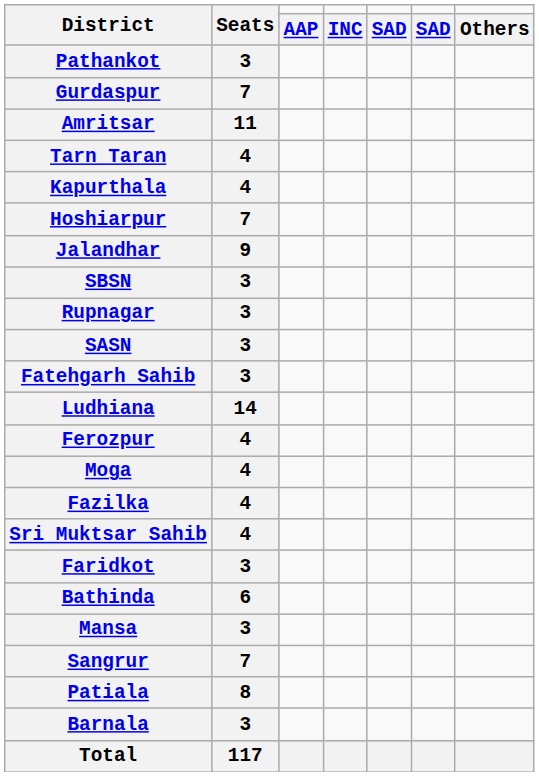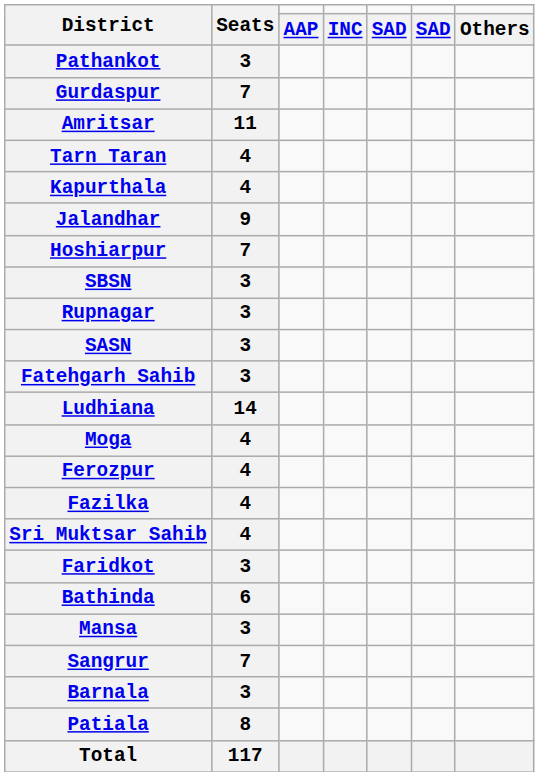 <table class="wikitable" style="text-align:center;">
 <tr>
 <th rowspan="2">District</th>
 <th rowspan="2">Seats</th>
 <td style="color:inherit;background:"></td>
 <td style="color:inherit;background:"></td>
 <td style="color:inherit;background:"></td>
 <td style="color:inherit;background:"></td>
 <td style="color:inherit;background:"></td>
 </tr>
 <tr>
 <th><a href='#'>AAP</a></th>
 <th><a href='#'>INC</a></th>
 <th><a href='#'>SAD</a></th>
 <th><a href='#'>SAD</a></th>
 <th>Others</th>
 </tr>
 <tr>
 <th><a href='#'>Pathankot</a></th>
 <th>3</th>
 <td></td>
 <td></td>
 <td></td>
 <td></td>
 <td></td>
 </tr>
 <tr>
 <th><a href='#'>Gurdaspur</a></th>
 <th>7</th>
 <td></td>
 <td></td>
 <td></td>
 <td></td>
 <td></td>
 </tr>
 <tr>
 <th><a href='#'>Amritsar</a></th>
 <th>11</th>
 <td></td>
 <td></td>
 <td></td>
 <td></td>
 <td></td>
 </tr>
 <tr>
 <th><a href='#'>Tarn Taran</a></th>
 <th>4</th>
 <td></td>
 <td></td>
 <td></td>
 <td></td>
 <td></td>
 </tr>
 <tr>
 <th><a href='#'>Kapurthala</a></th>
 <th>4</th>
 <td></td>
 <td></td>
 <td></td>
 <td></td>
 <td></td>
 </tr>
 <tr>
-<th><a href='#'>Hoshiarpur</a></th>
-<th>7</th>
+<th><a href='#'>Jalandhar</a></th>
+<th>9</th>
 <td></td>
 <td></td>
 <td></td>
 <td></td>
 <td></td>
 </tr>
 <tr>
-<th><a href='#'>Jalandhar</a></th>
-<th>9</th>
+<th><a href='#'>Hoshiarpur</a></th>
+<th>7</th>
 <td></td>
 <td></td>
 <td></td>
 <td></td>
 <td></td>
 </tr>
 <tr>
 <th><a href='#'>SBSN</a></th>
 <th>3</th>
 <td></td>
 <td></td>
 <td></td>
 <td></td>
 <td></td>
 </tr>
 <tr>
 <th><a href='#'>Rupnagar</a></th>
 <th>3</th>
 <td></td>
 <td></td>
 <td></td>
 <td></td>
 <td></td>
 </tr>
 <tr>
 <th><a href='#'>SASN</a></th>
 <th>3</th>
 <td></td>
 <td></td>
 <td></td>
 <td></td>
 <td></td>
 </tr>
 <tr>
 <th><a href='#'>Fatehgarh Sahib</a></th>
 <th>3</th>
 <td></td>
 <td></td>
 <td></td>
 <td></td>
 <td></td>
 </tr>
 <tr>
 <th><a href='#'>Ludhiana</a></th>
 <th>14</th>
 <td></td>
 <td></td>
 <td></td>
 <td></td>
 <td></td>
 </tr>
 <tr>
-<th><a href='#'>Ferozpur</a></th>
+<th><a href='#'>Moga</a></th>
 <th>4</th>
 <td></td>
 <td></td>
 <td></td>
 <td></td>
 <td></td>
 </tr>
 <tr>
-<th><a href='#'>Moga</a></th>
+<th><a href='#'>Ferozpur</a></th>
 <th>4</th>
 <td></td>
 <td></td>
 <td></td>
 <td></td>
 <td></td>
 </tr>
 <tr>
 <th><a href='#'>Fazilka</a></th>
 <th>4</th>
 <td></td>
 <td></td>
 <td></td>
 <td></td>
 <td></td>
 </tr>
 <tr>
 <th><a href='#'>Sri Muktsar Sahib</a></th>
 <th>4</th>
 <td></td>
 <td></td>
 <td></td>
 <td></td>
 <td></td>
 </tr>
 <tr>
 <th><a href='#'>Faridkot</a></th>
 <th>3</th>
 <td></td>
 <td></td>
 <td></td>
 <td></td>
 <td></td>
 </tr>
 <tr>
 <th><a href='#'>Bathinda</a></th>
 <th>6</th>
 <td></td>
 <td></td>
 <td></td>
 <td></td>
 <td></td>
 </tr>
 <tr>
 <th><a href='#'>Mansa</a></th>
 <th>3</th>
 <td></td>
 <td></td>
 <td></td>
 <td></td>
 <td></td>
 </tr>
 <tr>
 <th><a href='#'>Sangrur</a></th>
 <th>7</th>
 <td></td>
 <td></td>
 <td></td>
 <td></td>
 <td></td>
 </tr>
 <tr>
-<th><a href='#'>Patiala</a></th>
-<th>8</th>
+<th><a href='#'>Barnala</a></th>
+<th>3</th>
 <td></td>
 <td></td>
 <td></td>
 <td></td>
 <td></td>
 </tr>
 <tr>
-<th><a href='#'>Barnala</a></th>
-<th>3</th>
+<th><a href='#'>Patiala</a></th>
+<th>8</th>
 <td></td>
 <td></td>
 <td></td>
 <td></td>
 <td></td>
 </tr>
 <tr>
 <th>Total</th>
 <th>117</th>
 <th></th>
 <th></th>
 <th></th>
 <th></th>
 <th></th>
 </tr>
 </table>
